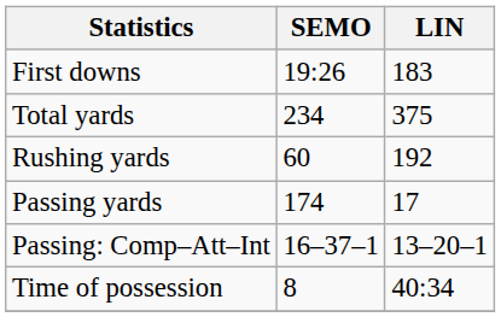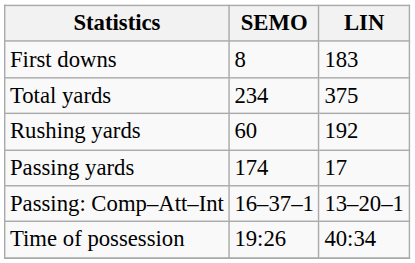 <table class="wikitable" style="float: left;">
 <tr>
 <th>Statistics</th>
 <th>SEMO</th>
 <th>LIN</th>
 </tr>
 <tr>
 <td>First downs</td>
-<td>19:26</td>
+<td>8</td>
 <td>183</td>
 </tr>
 <tr>
 <td>Total yards</td>
 <td>234</td>
 <td>375</td>
 </tr>
 <tr>
 <td>Rushing yards</td>
 <td>60</td>
 <td>192</td>
 </tr>
 <tr>
 <td>Passing yards</td>
 <td>174</td>
 <td>17</td>
 </tr>
 <tr>
 <td>Passing: Comp–Att–Int</td>
 <td>16–37–1</td>
 <td>13–20–1</td>
 </tr>
 <tr>
 <td>Time of possession</td>
-<td>8</td>
+<td>19:26</td>
 <td>40:34</td>
 </tr>
 <tr>
 </tr>
 </table>
